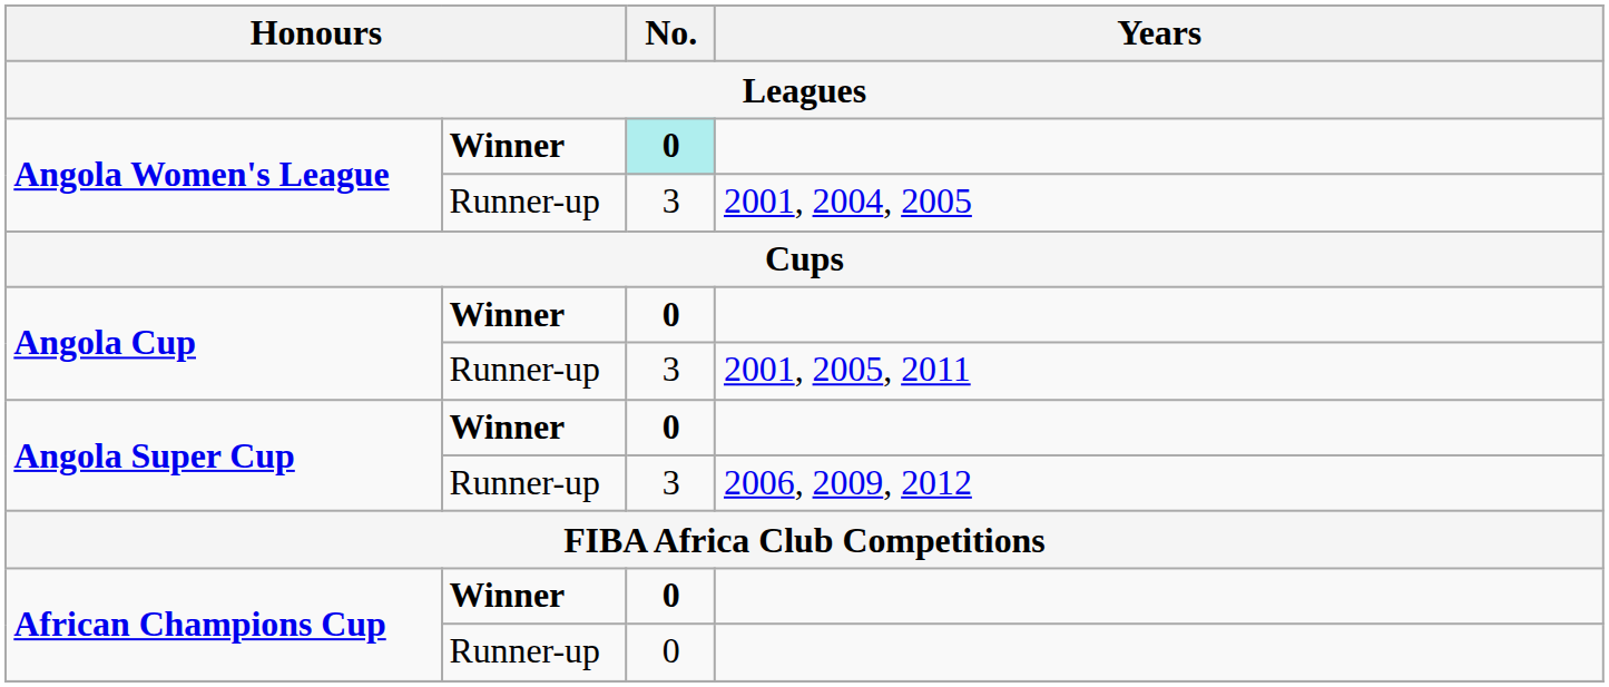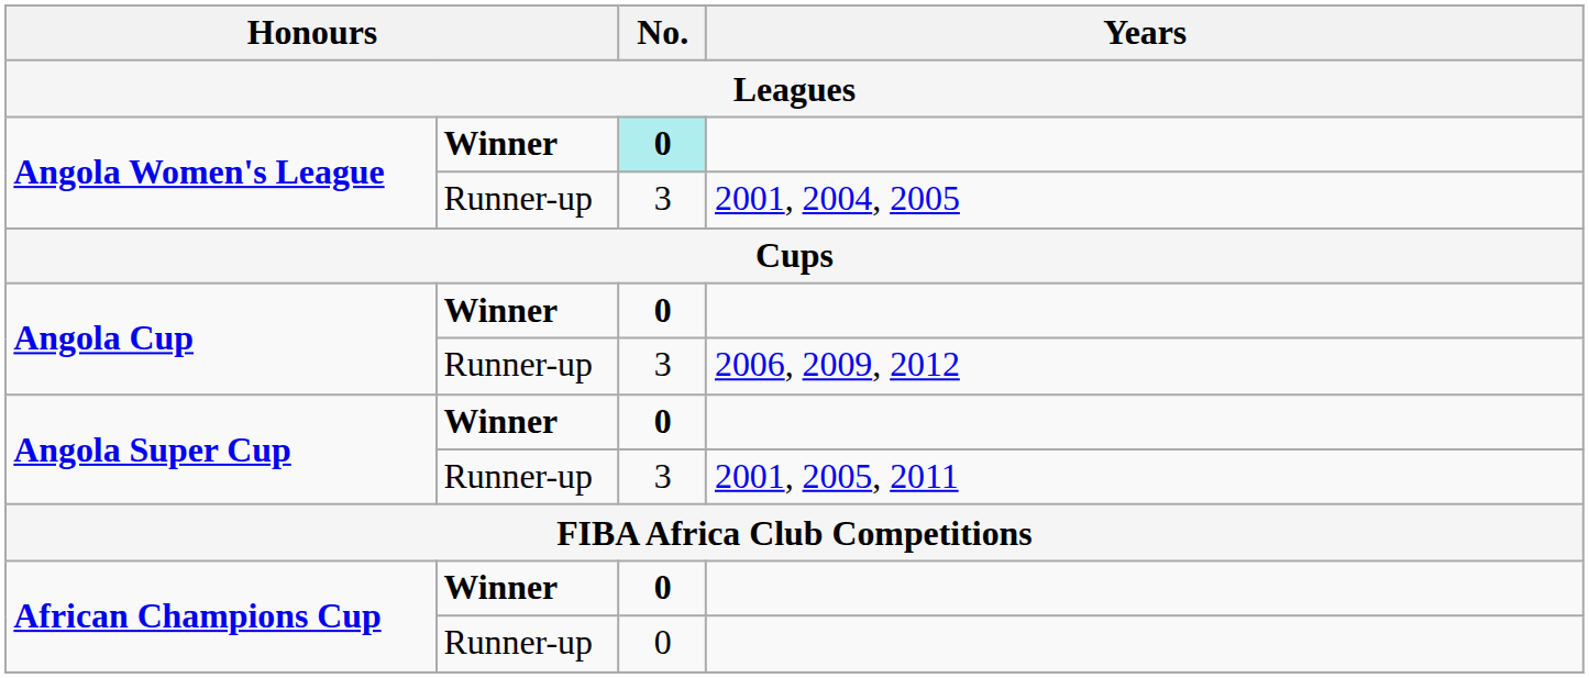 <table class="wikitable">
 <tr>
 <th width=35% colspan=2 style=":#f5f5f5"><span><strong>Honours</strong></span></th>
 <th width=5% style=":#f5f5f5"><span><strong>No.</strong></span></th>
 <th width=50% style=":#f5f5f5"><span><strong>Years</strong></span></th>
 </tr>
 <tr>
 <th colspan="6" style="background:#f5f5f5"><span><strong>Leagues</strong></span></th>
 </tr>
 <tr>
 <td rowspan=2><strong><a href='#'>Angola Women's League</a></strong></td>
 <td><strong>Winner</strong></td>
 <td align=center style="background: paleturquoise;"><strong>0</strong></td>
 <td></td>
 </tr>
 <tr>
 <td>Runner-up</td>
 <td align=center>3</td>
 <td><a href='#'>2001</a>, <a href='#'>2004</a>, <a href='#'>2005</a></td>
 </tr>
 <tr>
 <th colspan="6" style="background:#f5f5f5"><strong>Cups</strong></th>
 </tr>
 <tr>
 <td rowspan=2><strong><a href='#'>Angola Cup</a></strong></td>
 <td><strong>Winner</strong></td>
 <td align=center><strong>0</strong></td>
 <td></td>
 </tr>
 <tr>
 <td>Runner-up</td>
 <td align=center>3</td>
-<td><a href='#'>2001</a>, <a href='#'>2005</a>, <a href='#'>2011</a></td>
+<td><a href='#'>2006</a>, <a href='#'>2009</a>, <a href='#'>2012</a></td>
 </tr>
 <tr>
 <td rowspan=2><strong><a href='#'>Angola Super Cup</a></strong></td>
 <td><strong>Winner</strong></td>
 <td align=center><strong>0</strong></td>
 <td></td>
 </tr>
 <tr>
 <td>Runner-up</td>
 <td align=center>3</td>
-<td><a href='#'>2006</a>, <a href='#'>2009</a>, <a href='#'>2012</a></td>
+<td><a href='#'>2001</a>, <a href='#'>2005</a>, <a href='#'>2011</a></td>
 </tr>
 <tr>
 <th colspan="6" style="background:#f5f5f5"><strong>FIBA Africa Club Competitions</strong></th>
 </tr>
 <tr>
 <td rowspan=2><strong><a href='#'>African Champions Cup</a></strong></td>
 <td><strong>Winner</strong></td>
 <td align=center><strong>0</strong></td>
 <td></td>
 </tr>
 <tr>
 <td>Runner-up</td>
 <td align=center>0</td>
 <td></td>
 </tr>
 <tr>
 </tr>
 </table>
